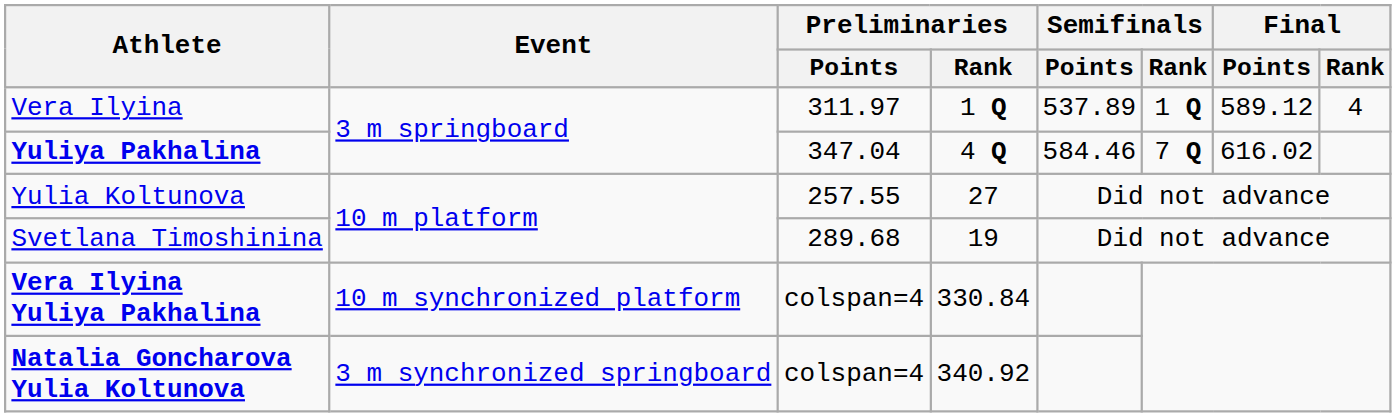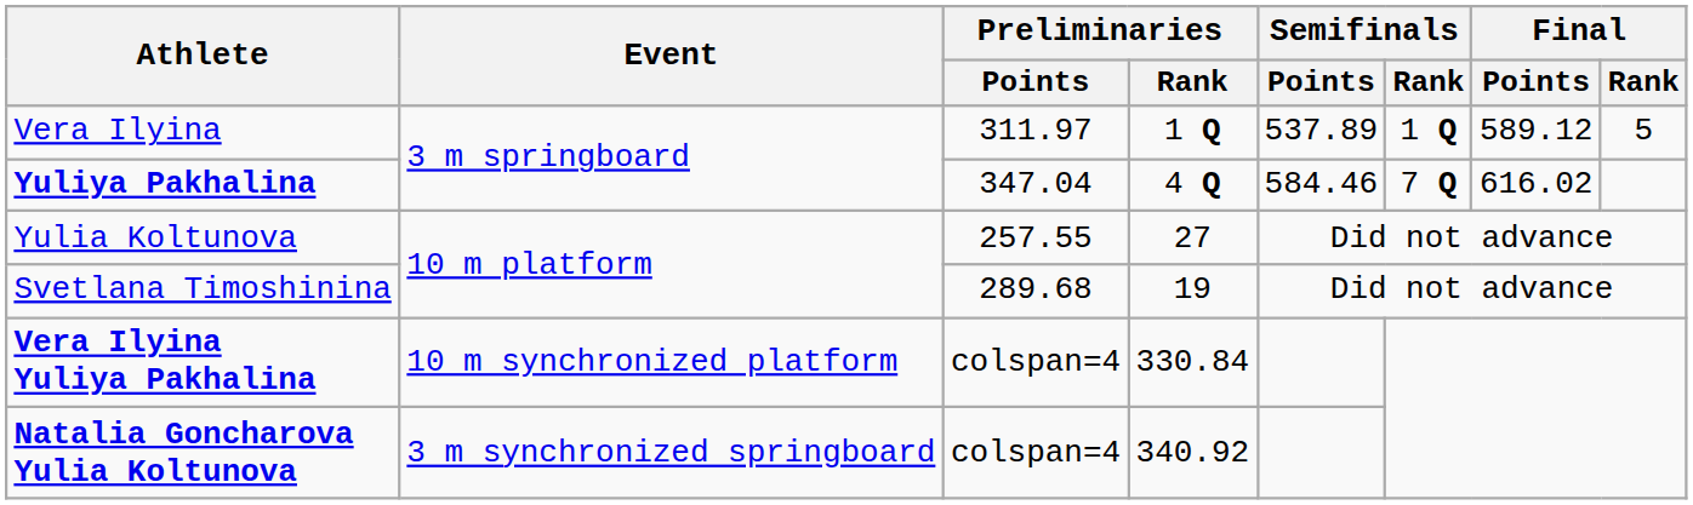 <table class=wikitable style="font-size:90%">
 <tr>
 <th rowspan="2">Athlete</th>
 <th rowspan="2">Event</th>
 <th colspan="2">Preliminaries</th>
 <th colspan="2">Semifinals</th>
 <th colspan="2">Final</th>
 </tr>
 <tr style="font-size:95%">
 <th>Points</th>
 <th>Rank</th>
 <th>Points</th>
 <th>Rank</th>
 <th>Points</th>
 <th>Rank</th>
 </tr>
 <tr align=center>
 <td align=left><a href='#'>Vera Ilyina</a></td>
 <td align=left rowspan=2><a href='#'>3 m springboard</a></td>
 <td>311.97</td>
 <td>1 <strong>Q</strong></td>
 <td>537.89</td>
 <td>1 <strong>Q</strong></td>
 <td>589.12</td>
-<td>4</td>
+<td>5</td>
 </tr>
 <tr align=center>
 <td align=left><strong><a href='#'>Yuliya Pakhalina</a></strong></td>
 <td>347.04</td>
 <td>4 <strong>Q</strong></td>
 <td>584.46</td>
 <td>7 <strong>Q</strong></td>
 <td>616.02</td>
 <td></td>
 </tr>
 <tr align=center>
 <td align=left><a href='#'>Yulia Koltunova</a></td>
 <td align=left rowspan=2><a href='#'>10 m platform</a></td>
 <td>257.55</td>
 <td>27</td>
 <td colspan=4>Did not advance</td>
 </tr>
 <tr align=center>
 <td align=left><a href='#'>Svetlana Timoshinina</a></td>
 <td>289.68</td>
 <td>19</td>
 <td colspan=4>Did not advance</td>
 </tr>
 <tr align=center>
 <td align=left><strong><a href='#'>Vera Ilyina</a><br><a href='#'>Yuliya Pakhalina</a></strong></td>
 <td align=left><a href='#'>10 m synchronized platform</a></td>
 <td>colspan=4 </td>
 <td>330.84</td>
 <td></td>
 </tr>
 <tr align=center>
 <td align=left><strong><a href='#'>Natalia Goncharova</a><br><a href='#'>Yulia Koltunova</a></strong></td>
 <td align=left><a href='#'>3 m synchronized springboard</a></td>
 <td>colspan=4 </td>
 <td>340.92</td>
 <td></td>
 </tr>
 </table>
